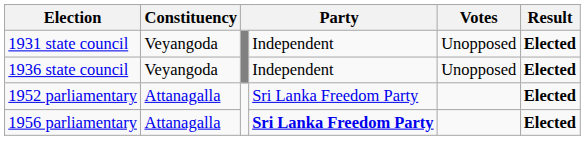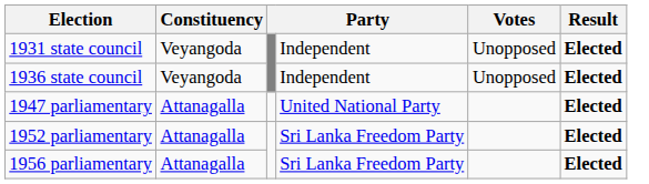 <table class="wikitable" style="text-align:left;">
 <tr>
 <th scope=col>Election</th>
 <th scope=col>Constituency</th>
 <th scope=col colspan="2">Party</th>
 <th scope=col>Votes</th>
 <th scope=col>Result</th>
 </tr>
 <tr>
 <td><a href='#'>1931 state council</a></td>
 <td>Veyangoda</td>
 <td rowspan ="2" style="background:Gray;"></td>
 <td>Independent</td>
 <td>Unopposed</td>
 <td><strong>Elected</strong></td>
 </tr>
 <tr>
 <td><a href='#'>1936 state council</a></td>
 <td>Veyangoda</td>
 <td>Independent</td>
 <td>Unopposed</td>
 <td><strong>Elected</strong></td>
 </tr>
 <tr>
+<td><a href='#'>1947 parliamentary</a></td>
+<td><a href='#'>Attanagalla</a></td>
+<td rowspan="1" style="background:"></td>
+<td><a href='#'>United National Party</a></td>
+<td align=right></td>
+<td><strong>Elected</strong></td>
+</tr>
+<tr>
 <td><a href='#'>1952 parliamentary</a></td>
 <td><a href='#'>Attanagalla</a></td>
 <td rowspan="2" style="background:"></td>
 <td><a href='#'>Sri Lanka Freedom Party</a></td>
 <td align=right></td>
 <td><strong>Elected</strong></td>
 </tr>
 <tr>
 <td><a href='#'>1956 parliamentary</a></td>
 <td><a href='#'>Attanagalla</a></td>
-<td><strong><a href='#'>Sri Lanka Freedom Party</a></strong></td>
+<td><a href='#'>Sri Lanka Freedom Party</a></td>
 <td align=right></td>
 <td><strong>Elected</strong></td>
 </tr>
 </table>
